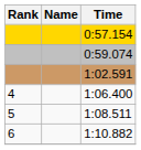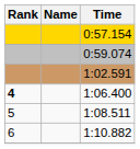 <table class="wikitable">
 <tr>
 <th>Rank</th>
 <th>Name</th>
 <th>Time</th>
 </tr>
 <tr style="background:gold;">
 <td></td>
 <td></td>
 <td>0:57.154</td>
 </tr>
 <tr style="background:silver;">
 <td></td>
 <td></td>
 <td>0:59.074</td>
 </tr>
 <tr style="background:#cc9966;">
 <td></td>
 <td></td>
 <td>1:02.591</td>
 </tr>
 <tr>
-<td>4</td>
+<td><strong>4</strong></td>
 <td></td>
 <td>1:06.400</td>
 </tr>
 <tr>
 <td>5</td>
 <td></td>
 <td>1:08.511</td>
 </tr>
 <tr>
 <td>6</td>
 <td></td>
 <td>1:10.882</td>
 </tr>
 <tr>
 </tr>
 </table>
